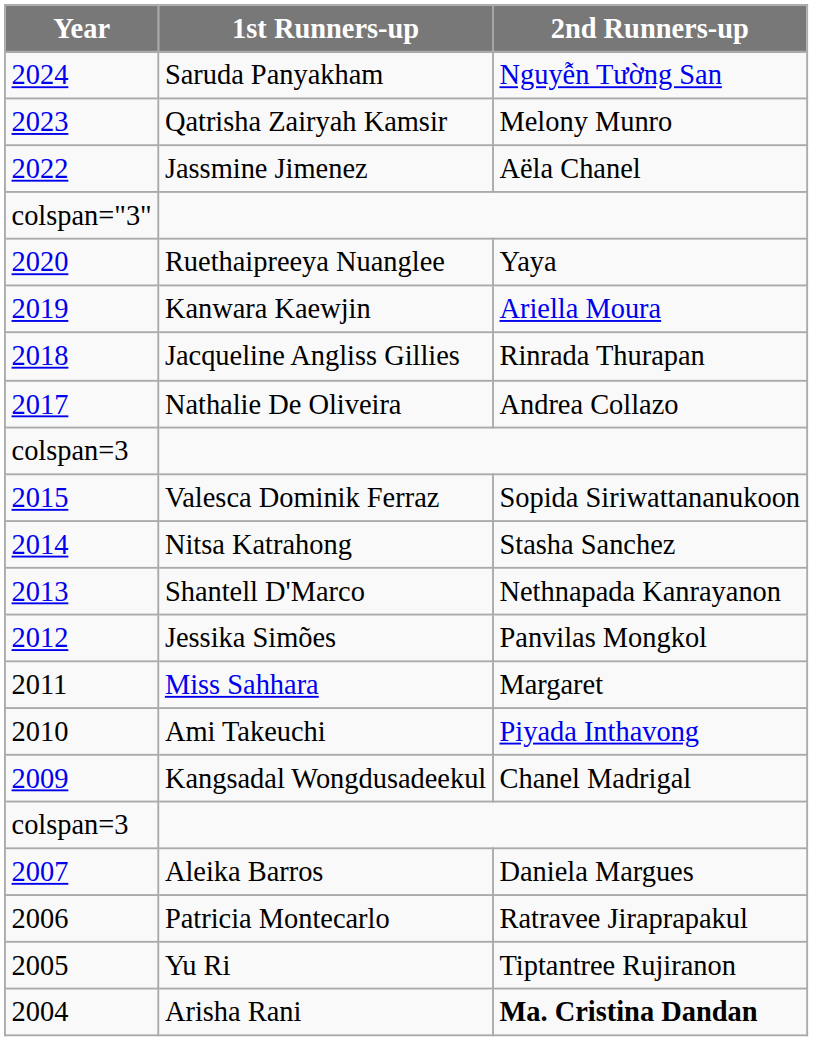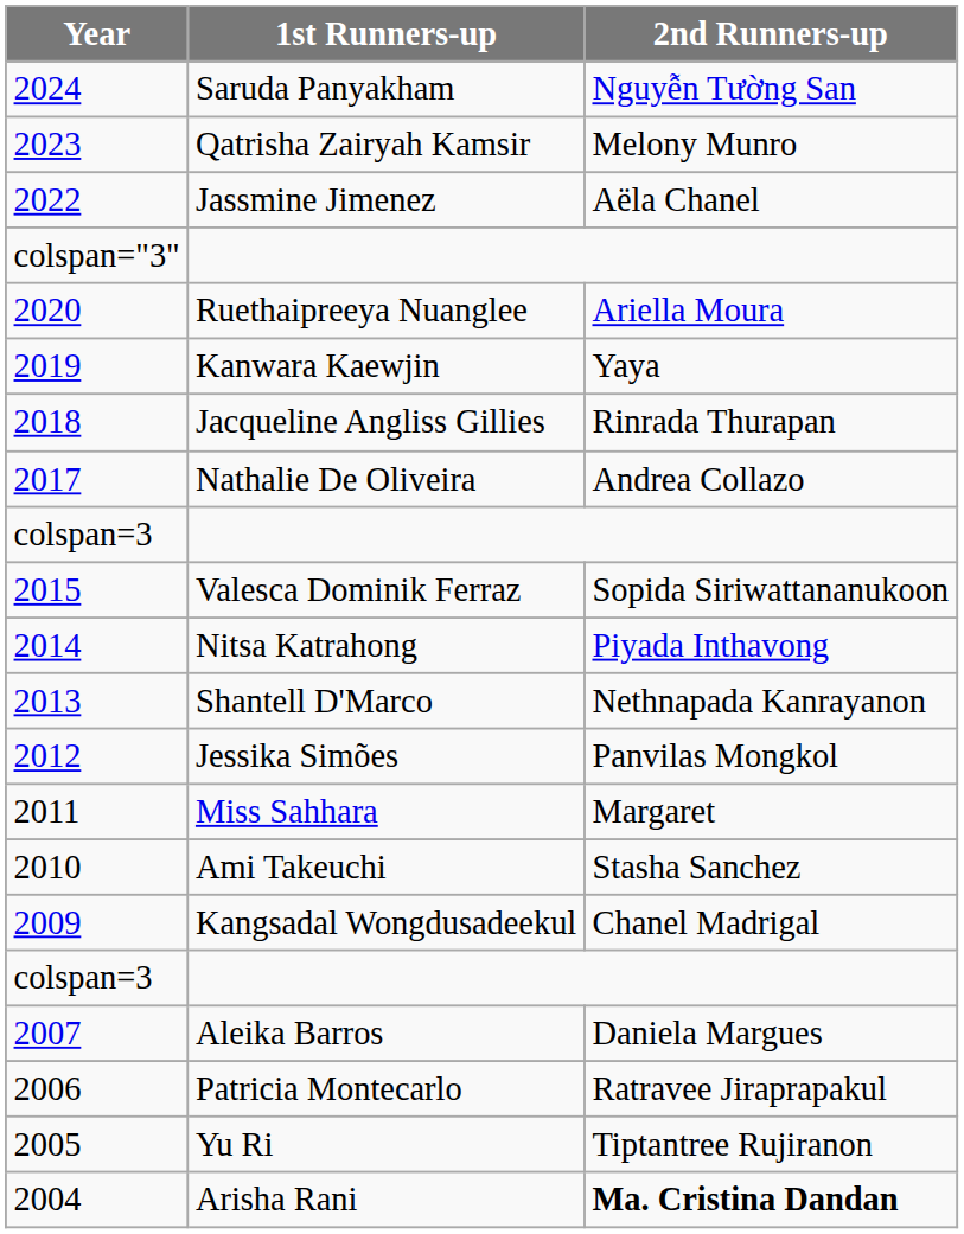 <table class="wikitable sortable" style="font-size: 95%;">
 <tr>
 <th style="background-color:#787878;color:#FFFFFF;">Year</th>
 <th style="background-color:#787878;color:#FFFFFF;">1st Runners-up</th>
 <th style="background-color:#787878;color:#FFFFFF;">2nd Runners-up</th>
 </tr>
 <tr>
 <td><a href='#'>2024</a></td>
 <td>Saruda Panyakham<br></td>
 <td><a href='#'>Nguyễn Tường San</a><br></td>
 </tr>
 <tr>
 <td><a href='#'>2023</a></td>
 <td>Qatrisha Zairyah Kamsir<br></td>
 <td>Melony Munro<br></td>
 </tr>
 <tr>
 <td><a href='#'>2022</a></td>
 <td>Jassmine Jimenez<br></td>
 <td>Aëla Chanel<br></td>
 </tr>
 <tr>
 <td>colspan="3" </td>
 </tr>
 <tr>
 <td><a href='#'>2020</a></td>
 <td>Ruethaipreeya Nuanglee<br></td>
-<td>Yaya<br></td>
+<td><a href='#'>Ariella Moura</a><br></td>
 </tr>
 <tr>
 <td><a href='#'>2019</a></td>
 <td>Kanwara Kaewjin<br></td>
-<td><a href='#'>Ariella Moura</a><br></td>
+<td>Yaya<br></td>
 </tr>
 <tr>
 <td><a href='#'>2018</a></td>
 <td>Jacqueline Angliss Gillies<br></td>
 <td>Rinrada Thurapan<br></td>
 </tr>
 <tr>
 <td><a href='#'>2017</a></td>
 <td>Nathalie De Oliveira<br></td>
 <td>Andrea Collazo<br></td>
 </tr>
 <tr>
 <td>colspan=3 </td>
 </tr>
 <tr>
 <td><a href='#'>2015</a></td>
 <td>Valesca Dominik Ferraz<br></td>
 <td>Sopida Siriwattananukoon<br></td>
 </tr>
 <tr>
 <td><a href='#'>2014</a></td>
 <td>Nitsa Katrahong<br></td>
-<td>Stasha Sanchez<br></td>
+<td><a href='#'>Piyada Inthavong</a><br></td>
 </tr>
 <tr>
 <td><a href='#'>2013</a></td>
 <td>Shantell D'Marco<br></td>
 <td>Nethnapada Kanrayanon<br></td>
 </tr>
 <tr>
 <td><a href='#'>2012</a></td>
 <td>Jessika Simões<br></td>
 <td>Panvilas Mongkol<br></td>
 </tr>
 <tr>
 <td>2011</td>
 <td><a href='#'>Miss Sahhara</a><br></td>
 <td>Margaret<br></td>
 </tr>
 <tr>
 <td>2010</td>
 <td>Ami Takeuchi<br></td>
-<td><a href='#'>Piyada Inthavong</a><br></td>
+<td>Stasha Sanchez<br></td>
 </tr>
 <tr>
 <td><a href='#'>2009</a></td>
 <td>Kangsadal Wongdusadeekul<br></td>
 <td>Chanel Madrigal<br></td>
 </tr>
 <tr>
 <td>colspan=3 </td>
 </tr>
 <tr>
 <td><a href='#'>2007</a></td>
 <td>Aleika Barros<br></td>
 <td>Daniela Margues<br></td>
 </tr>
 <tr>
 <td>2006</td>
 <td>Patricia Montecarlo<br></td>
 <td>Ratravee Jiraprapakul<br></td>
 </tr>
 <tr>
 <td>2005</td>
 <td>Yu Ri<br></td>
 <td>Tiptantree Rujiranon<br></td>
 </tr>
 <tr>
 <td>2004</td>
 <td>Arisha Rani<br></td>
 <td><strong>Ma. Cristina Dandan<br></strong></td>
 </tr>
 </table>
